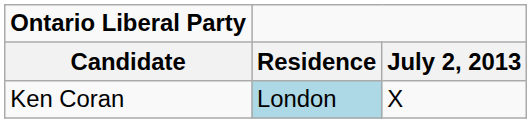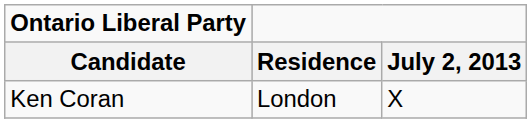 <table class="wikitable">
 <tr>
 <td style="text-align:center; background:"><strong>Ontario Liberal Party</strong></td>
 </tr>
 <tr>
 <th align="left">Candidate</th>
 <th style="text-align:center;">Residence</th>
 <th align="left">July 2, 2013</th>
 </tr>
 <tr>
 <td>Ken Coran</td>
-<td style="background: lightblue;">London</td>
+<td>London</td>
 <td>X</td>
 </tr>
 </table>
